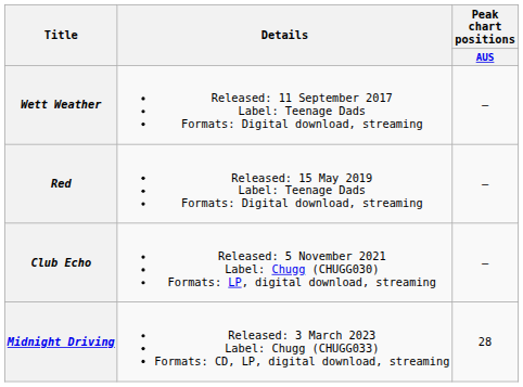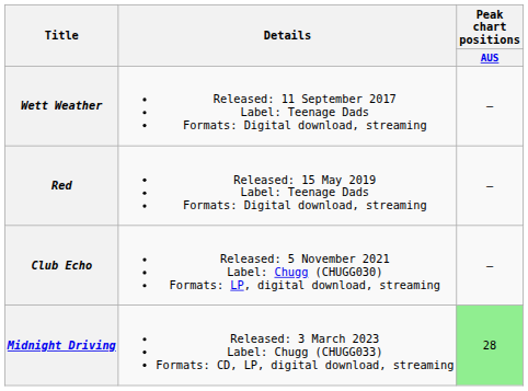 <table class="wikitable plainrowheaders" style="text-align:center">
 <tr>
 <th scope="col" rowspan="2">Title</th>
 <th scope="col" rowspan="2">Details</th>
 <th scope="col" colspan="1">Peak chart positions</th>
 </tr>
 <tr>
 <th scope="col" style="width:3em; font-size:90%"><a href='#'>AUS</a><br></th>
 </tr>
 <tr>
 <th scope="row"><em>Wett Weather</em></th>
 <td><br><ul><li>Released: 11 September 2017</li><li>Label: Teenage Dads</li><li>Formats: Digital download, streaming</li></ul></td>
 <td>—</td>
 </tr>
 <tr>
 <th scope="row"><em>Red</em></th>
 <td><br><ul><li>Released: 15 May 2019</li><li>Label: Teenage Dads</li><li>Formats: Digital download, streaming</li></ul></td>
 <td>—</td>
 </tr>
 <tr>
 <th scope="row"><em>Club Echo</em></th>
 <td><br><ul><li>Released: 5 November 2021</li><li>Label: <a href='#'>Chugg</a> (CHUGG030)</li><li>Formats: <a href='#'>LP</a>, digital download, streaming</li></ul></td>
 <td>—</td>
 </tr>
 <tr>
 <th scope="row"><em><a href='#'>Midnight Driving</a></em></th>
 <td><br><ul><li>Released: 3 March 2023</li><li>Label: Chugg (CHUGG033)</li><li>Formats: CD, LP, digital download, streaming</li></ul></td>
-<td>28</td>
+<td style="background: lightgreen;">28</td>
 </tr>
 </table>
